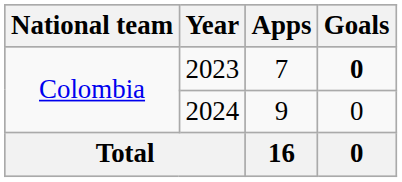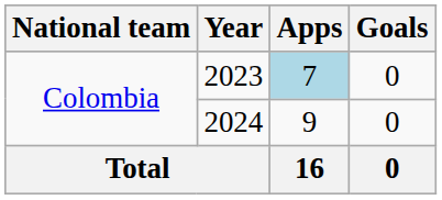 <table class="wikitable" style="text-align: center;">
 <tr>
 <th>National team</th>
 <th>Year</th>
 <th>Apps</th>
 <th>Goals</th>
 </tr>
 <tr>
 <td rowspan="2"><a href='#'>Colombia</a></td>
 <td>2023</td>
-<td>7</td>
-<td><strong>0</strong></td>
+<td style="background: lightblue;">7</td>
+<td>0</td>
 </tr>
 <tr>
 <td>2024</td>
 <td>9</td>
 <td>0</td>
 </tr>
 <tr>
 <th colspan="2">Total</th>
 <th>16</th>
 <th>0</th>
 </tr>
 </table>
